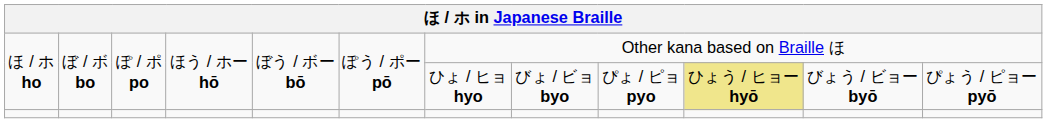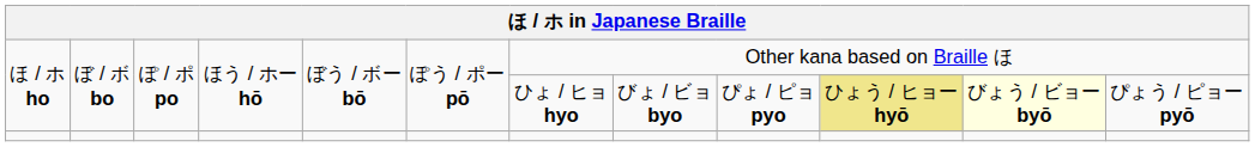 <table class="wikitable nowrap" style="text-align:center">
 <tr>
 <th colspan=12>ほ / ホ in <a href='#'>Japanese Braille</a></th>
 </tr>
 <tr>
 <td rowspan=2>ほ / ホ <br><strong>ho</strong></td>
 <td rowspan=2>ぼ / ボ <br><strong>bo</strong></td>
 <td rowspan=2>ぽ / ポ <br><strong>po</strong></td>
 <td rowspan=2>ほう / ホー <br><strong>hō</strong></td>
 <td rowspan=2>ぼう / ボー <br><strong>bō</strong></td>
 <td rowspan=2>ぽう / ポー <br><strong>pō</strong></td>
 <td colspan=6>Other kana based on <a href='#'>Braille</a> ほ</td>
 </tr>
 <tr>
 <td>ひょ / ヒョ <br><strong>hyo</strong></td>
 <td>びょ / ビョ <br><strong>byo</strong></td>
 <td>ぴょ / ピョ <br><strong>pyo</strong></td>
 <td style="background: khaki;">ひょう / ヒョー <br><strong>hyō</strong></td>
-<td>びょう / ビョー <br><strong>byō</strong></td>
+<td style="background: lightyellow;">びょう / ビョー <br><strong>byō</strong></td>
 <td>ぴょう / ピョー <br><strong>pyō</strong></td>
 </tr>
 <tr>
 <td></td>
 <td></td>
 <td></td>
 <td></td>
 <td></td>
 <td></td>
 <td></td>
 <td></td>
 <td></td>
 <td></td>
 <td></td>
 <td></td>
 </tr>
 </table>
